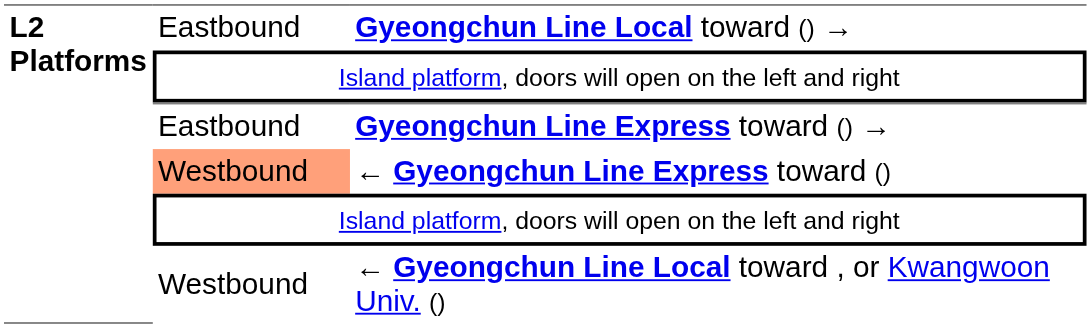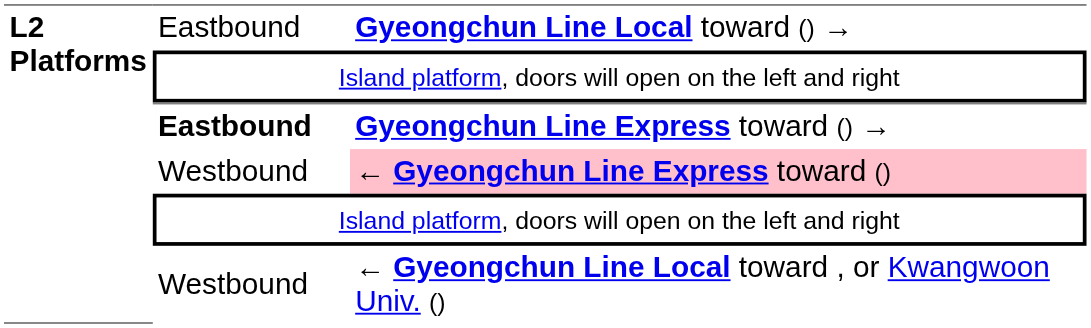 <table table border=0 cellspacing=0 cellpadding=3>
 <tr>
 <td style="border-top:solid 1px gray;border-bottom:solid 1px gray;" width=50 rowspan=6 valign=top><strong>L2<br>Platforms</strong></td>
 <td style="border-bottom:solid 0px gray;border-top:solid 1px gray;" width=100>Eastbound</td>
 <td style="border-bottom:solid 0px gray;border-top:solid 1px gray;" width=390> <a href='#'><span><strong>Gyeongchun Line Local</strong></span></a> toward  <small>()</small> →</td>
 </tr>
 <tr>
 <td style="border-top:solid 2px black;border-right:solid 2px black;border-left:solid 2px black;border-bottom:solid 2px black;text-align:center;" colspan=2><small><a href='#'>Island platform</a>, doors will open on the left and right</small></td>
 </tr>
 <tr>
-<td style="border-bottom:solid 0px gray;border-top:solid 1px gray;" width=100>Eastbound</td>
+<td style="border-bottom:solid 0px gray;border-top:solid 1px gray;" width=100><strong>Eastbound</strong></td>
 <td style="border-bottom:solid 0px gray;border-top:solid 1px gray;" width=390> <a href='#'><span><strong>Gyeongchun Line Express</strong></span></a> toward  <small>()</small> →</td>
 </tr>
 <tr>
-<td style="background: lightsalmon;">Westbound</td>
-<td>← <a href='#'><span><strong>Gyeongchun Line Express</strong></span></a> toward  <small>()</small></td>
+<td>Westbound</td>
+<td style="background: pink;">← <a href='#'><span><strong>Gyeongchun Line Express</strong></span></a> toward  <small>()</small></td>
 </tr>
 <tr>
 <td style="border-top:solid 2px black;border-right:solid 2px black;border-left:solid 2px black;border-bottom:solid 2px black;text-align:center;" colspan=2><small><a href='#'>Island platform</a>, doors will open on the left and right</small></td>
 </tr>
 <tr>
 <td>Westbound</td>
 <td>← <a href='#'><span><strong>Gyeongchun Line Local</strong></span></a> toward ,  or <a href='#'>Kwangwoon Univ.</a>  <small>()</small></td>
 </tr>
 </table>
